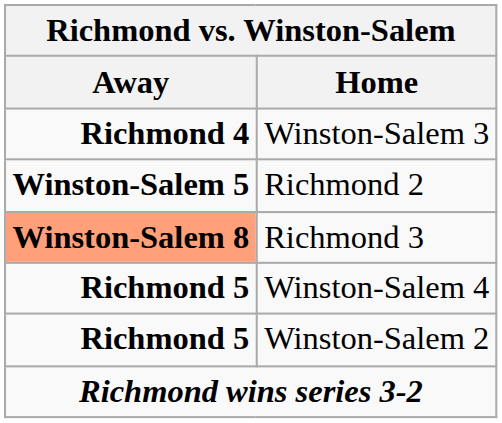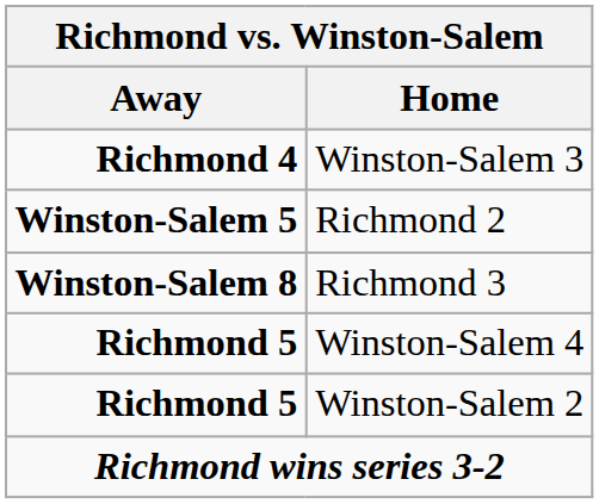 <table class="wikitable">
 <tr>
 <th bgcolor="#DDDDDD" colspan="4">Richmond vs. Winston-Salem</th>
 </tr>
 <tr>
 <th>Away</th>
 <th>Home</th>
 </tr>
 <tr>
 <td align="right"><strong>Richmond 4</strong></td>
 <td>Winston-Salem 3</td>
 </tr>
 <tr>
 <td align="right"><strong>Winston-Salem 5</strong></td>
 <td>Richmond 2</td>
 </tr>
 <tr>
-<td align="right" style="background: lightsalmon;"><strong>Winston-Salem 8</strong></td>
+<td align="right"><strong>Winston-Salem 8</strong></td>
 <td>Richmond 3</td>
 </tr>
 <tr>
 <td align="right"><strong>Richmond 5</strong></td>
 <td>Winston-Salem 4</td>
 </tr>
 <tr>
 <td align="right"><strong>Richmond 5</strong></td>
 <td>Winston-Salem 2</td>
 </tr>
 <tr align="center">
 <td colspan="4"><strong><em>Richmond wins series 3-2</em></strong></td>
 </tr>
 </table>
